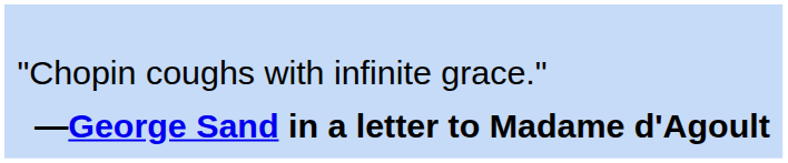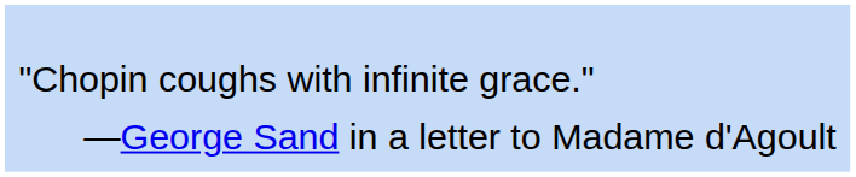 <table class="toccolours" style="float: right; margin-left: 1em; margin-right: 1em; font-size: 85%%; background:#c6dbf7; color:black; width:23em; max-width: 25%%;" cellspacing="5">
 <tr>
 <td style="text-align: left;"><br>"Chopin coughs with infinite grace."</td>
 </tr>
 <tr>
-<td style="text-align: right;"><strong>—<a href='#'>George Sand</a> in a letter to Madame d'Agoult</strong></td>
+<td style="text-align: right;">—<a href='#'>George Sand</a> in a letter to Madame d'Agoult</td>
 </tr>
 </table>
